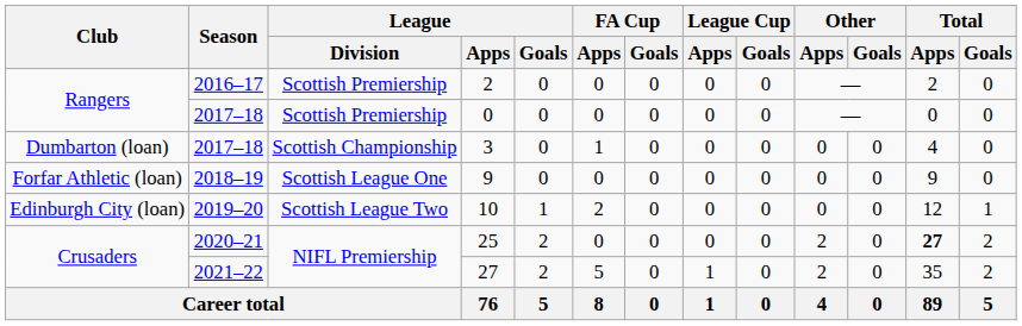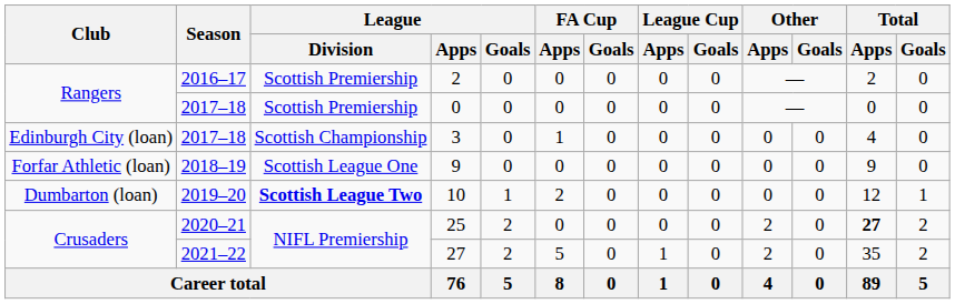 <table class=wikitable style="text-align:center">
 <tr>
 <th rowspan=2>Club</th>
 <th rowspan=2>Season</th>
 <th colspan=3>League</th>
 <th colspan=2>FA Cup</th>
 <th colspan=2>League Cup</th>
 <th colspan=2>Other</th>
 <th colspan=2>Total</th>
 </tr>
 <tr>
 <th>Division</th>
 <th>Apps</th>
 <th>Goals</th>
 <th>Apps</th>
 <th>Goals</th>
 <th>Apps</th>
 <th>Goals</th>
 <th>Apps</th>
 <th>Goals</th>
 <th>Apps</th>
 <th>Goals</th>
 </tr>
 <tr>
 <td rowspan=2><a href='#'>Rangers</a></td>
 <td><a href='#'>2016–17</a></td>
 <td><a href='#'>Scottish Premiership</a></td>
 <td>2</td>
 <td>0</td>
 <td>0</td>
 <td>0</td>
 <td>0</td>
 <td>0</td>
 <td colspan=2>—</td>
 <td>2</td>
 <td>0</td>
 </tr>
 <tr>
 <td><a href='#'>2017–18</a></td>
 <td><a href='#'>Scottish Premiership</a></td>
 <td>0</td>
 <td>0</td>
 <td>0</td>
 <td>0</td>
 <td>0</td>
 <td>0</td>
 <td colspan=2>—</td>
 <td>0</td>
 <td>0</td>
 </tr>
 <tr>
-<td><a href='#'>Dumbarton</a> (loan)</td>
+<td><a href='#'>Edinburgh City</a> (loan)</td>
 <td><a href='#'>2017–18</a></td>
 <td><a href='#'>Scottish Championship</a></td>
 <td>3</td>
 <td>0</td>
 <td>1</td>
 <td>0</td>
 <td>0</td>
 <td>0</td>
 <td>0</td>
 <td>0</td>
 <td>4</td>
 <td>0</td>
 </tr>
 <tr>
 <td><a href='#'>Forfar Athletic</a> (loan)</td>
 <td><a href='#'>2018–19</a></td>
 <td><a href='#'>Scottish League One</a></td>
 <td>9</td>
 <td>0</td>
 <td>0</td>
 <td>0</td>
 <td>0</td>
 <td>0</td>
 <td>0</td>
 <td>0</td>
 <td>9</td>
 <td>0</td>
 </tr>
 <tr>
-<td><a href='#'>Edinburgh City</a> (loan)</td>
+<td><a href='#'>Dumbarton</a> (loan)</td>
 <td><a href='#'>2019–20</a></td>
-<td><a href='#'>Scottish League Two</a></td>
+<td><strong><a href='#'>Scottish League Two</a></strong></td>
 <td>10</td>
 <td>1</td>
 <td>2</td>
 <td>0</td>
 <td>0</td>
 <td>0</td>
 <td>0</td>
 <td>0</td>
 <td>12</td>
 <td>1</td>
 </tr>
 <tr>
 <td rowspan=2><a href='#'>Crusaders</a></td>
 <td><a href='#'>2020–21</a></td>
 <td rowspan=2><a href='#'>NIFL Premiership</a></td>
 <td>25</td>
 <td>2</td>
 <td>0</td>
 <td>0</td>
 <td>0</td>
 <td>0</td>
 <td>2</td>
 <td>0</td>
 <td><strong>27</strong></td>
 <td>2</td>
 </tr>
 <tr>
 <td><a href='#'>2021–22</a></td>
 <td>27</td>
 <td>2</td>
 <td>5</td>
 <td>0</td>
 <td>1</td>
 <td>0</td>
 <td>2</td>
 <td>0</td>
 <td>35</td>
 <td>2</td>
 </tr>
 <tr>
 <th colspan=3>Career total</th>
 <th>76</th>
 <th>5</th>
 <th>8</th>
 <th>0</th>
 <th>1</th>
 <th>0</th>
 <th>4</th>
 <th>0</th>
 <th>89</th>
 <th>5</th>
 </tr>
 </table>
